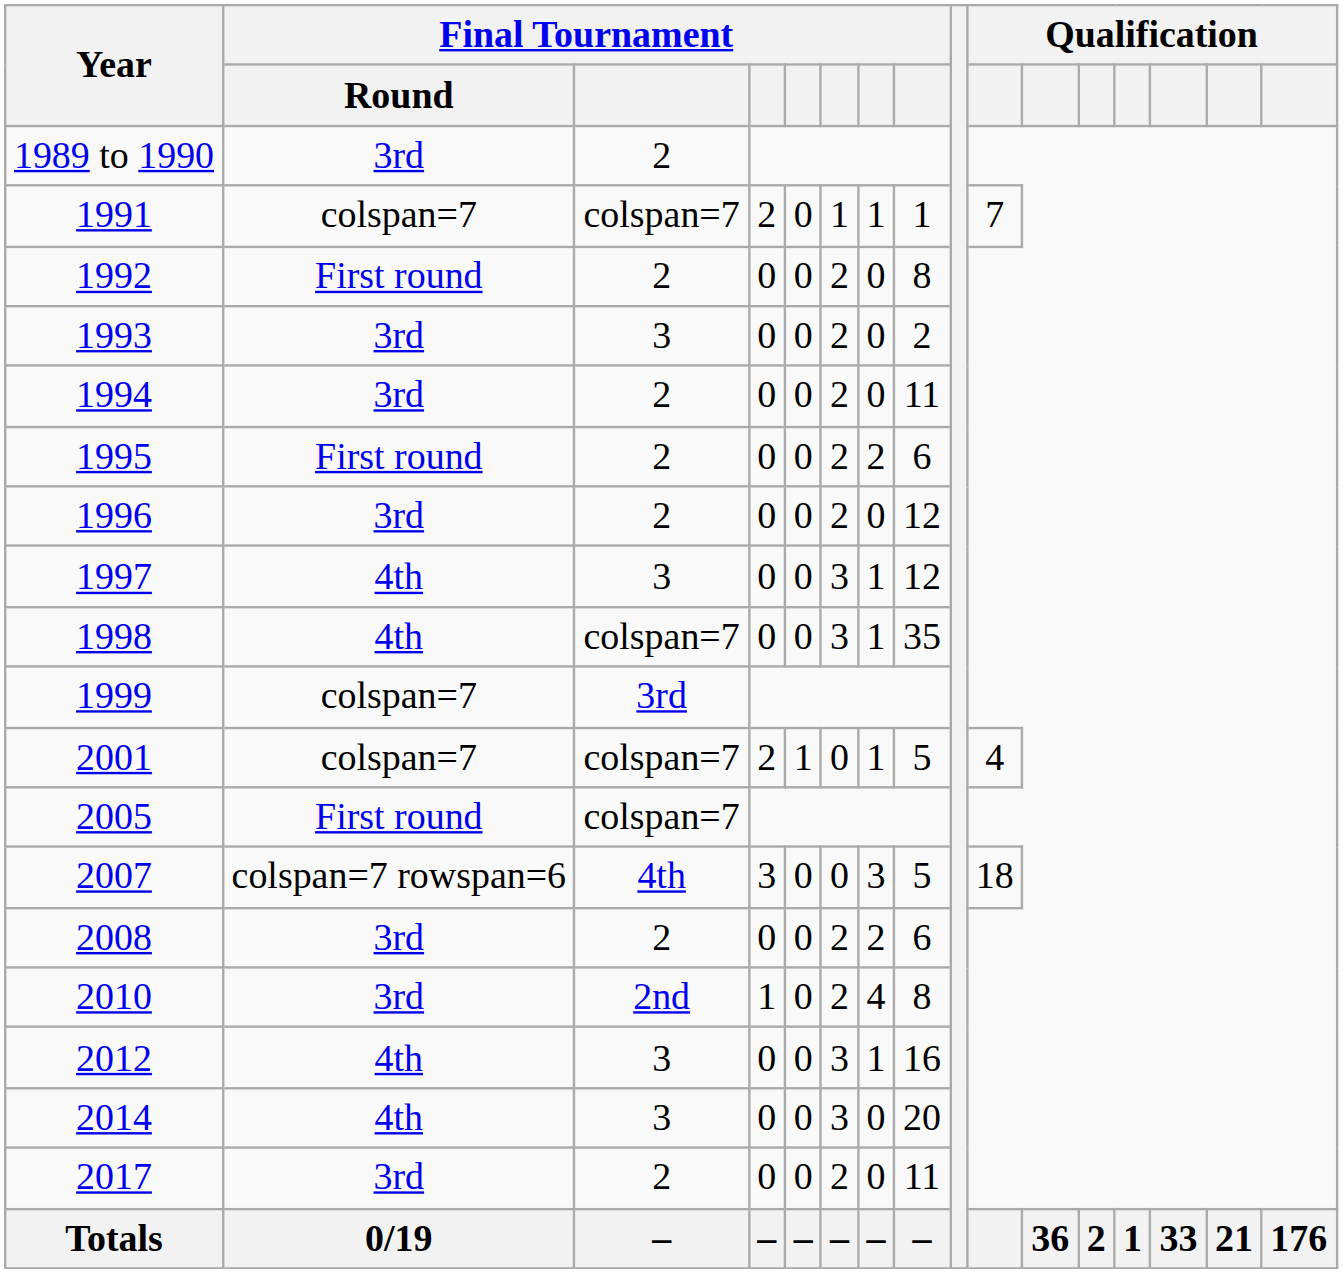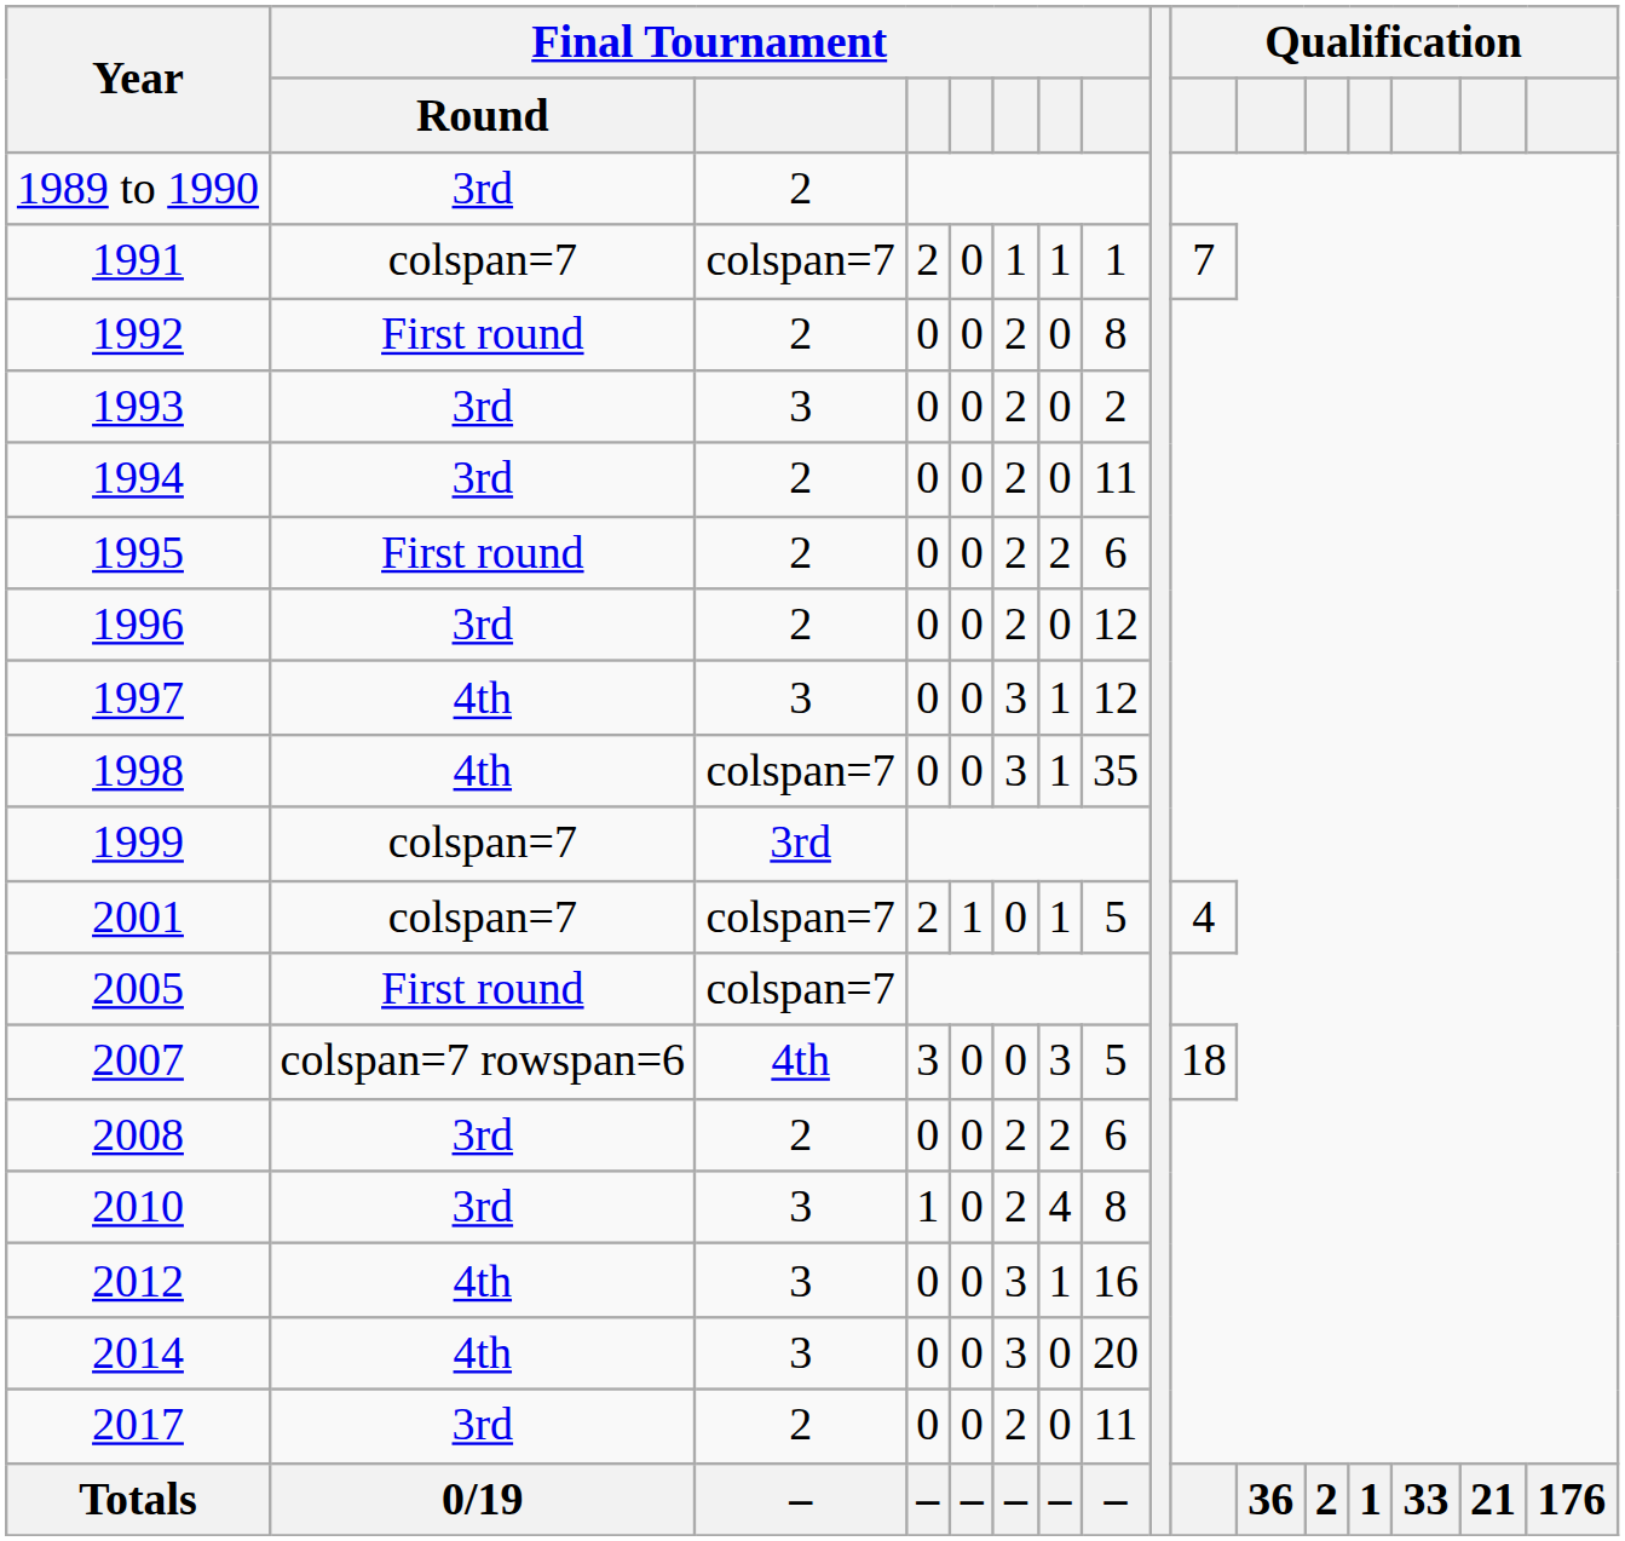 <table class="wikitable" style="text-align: center;font-size:100%;">
 <tr>
 <th rowspan=2>Year</th>
 <th colspan=7><a href='#'>Final Tournament</a></th>
 <th rowspan=21></th>
 <th colspan=7>Qualification</th>
 </tr>
 <tr>
 <th>Round</th>
 <th></th>
 <th></th>
 <th></th>
 <th></th>
 <th></th>
 <th></th>
 <th></th>
 <th></th>
 <th></th>
 <th></th>
 <th></th>
 <th></th>
 <th></th>
 </tr>
 <tr>
 <td><a href='#'>1989</a> to <a href='#'>1990</a></td>
 <td><a href='#'>3rd</a></td>
 <td>2</td>
 </tr>
 <tr>
 <td> <a href='#'>1991</a></td>
 <td>colspan=7 </td>
 <td>colspan=7 </td>
 <td>2</td>
 <td>0</td>
 <td>1</td>
 <td>1</td>
 <td>1</td>
 <td>7</td>
 </tr>
 <tr>
 <td> <a href='#'>1992</a></td>
 <td><a href='#'>First round</a></td>
 <td>2</td>
 <td>0</td>
 <td>0</td>
 <td>2</td>
 <td>0</td>
 <td>8</td>
 </tr>
 <tr>
 <td> <a href='#'>1993</a></td>
 <td><a href='#'>3rd</a></td>
 <td>3</td>
 <td>0</td>
 <td>0</td>
 <td>2</td>
 <td>0</td>
 <td>2</td>
 </tr>
 <tr>
 <td> <a href='#'>1994</a></td>
 <td><a href='#'>3rd</a></td>
 <td>2</td>
 <td>0</td>
 <td>0</td>
 <td>2</td>
 <td>0</td>
 <td>11</td>
 </tr>
 <tr>
 <td>  <a href='#'>1995</a></td>
 <td><a href='#'>First round</a></td>
 <td>2</td>
 <td>0</td>
 <td>0</td>
 <td>2</td>
 <td>2</td>
 <td>6</td>
 </tr>
 <tr>
 <td> <a href='#'>1996</a></td>
 <td><a href='#'>3rd</a></td>
 <td>2</td>
 <td>0</td>
 <td>0</td>
 <td>2</td>
 <td>0</td>
 <td>12</td>
 </tr>
 <tr>
 <td>  <a href='#'>1997</a></td>
 <td><a href='#'>4th</a></td>
 <td>3</td>
 <td>0</td>
 <td>0</td>
 <td>3</td>
 <td>1</td>
 <td>12</td>
 </tr>
 <tr>
 <td> <a href='#'>1998</a></td>
 <td><a href='#'>4th</a></td>
 <td>colspan=7 </td>
 <td>0</td>
 <td>0</td>
 <td>3</td>
 <td>1</td>
 <td>35</td>
 </tr>
 <tr>
 <td> <a href='#'>1999</a></td>
 <td>colspan=7 </td>
 <td><a href='#'>3rd</a></td>
 </tr>
 <tr>
 <td> <a href='#'>2001</a></td>
 <td>colspan=7 </td>
 <td>colspan=7 </td>
 <td>2</td>
 <td>1</td>
 <td>0</td>
 <td>1</td>
 <td>5</td>
 <td>4</td>
 </tr>
 <tr>
 <td> <a href='#'>2005</a></td>
 <td><a href='#'>First round</a></td>
 <td>colspan=7 </td>
 </tr>
 <tr>
 <td> <a href='#'>2007</a></td>
 <td>colspan=7 rowspan=6 </td>
 <td><a href='#'>4th</a></td>
 <td>3</td>
 <td>0</td>
 <td>0</td>
 <td>3</td>
 <td>5</td>
 <td>18</td>
 </tr>
 <tr>
 <td> <a href='#'>2008</a></td>
 <td><a href='#'>3rd</a></td>
 <td>2</td>
 <td>0</td>
 <td>0</td>
 <td>2</td>
 <td>2</td>
 <td>6</td>
 </tr>
 <tr>
 <td> <a href='#'>2010</a></td>
 <td><a href='#'>3rd</a></td>
-<td><a href='#'>2nd</a></td>
+<td>3</td>
 <td>1</td>
 <td>0</td>
 <td>2</td>
 <td>4</td>
 <td>8</td>
 </tr>
 <tr>
 <td> <a href='#'>2012</a></td>
 <td><a href='#'>4th</a></td>
 <td>3</td>
 <td>0</td>
 <td>0</td>
 <td>3</td>
 <td>1</td>
 <td>16</td>
 </tr>
 <tr>
 <td> <a href='#'>2014</a></td>
 <td><a href='#'>4th</a></td>
 <td>3</td>
 <td>0</td>
 <td>0</td>
 <td>3</td>
 <td>0</td>
 <td>20</td>
 </tr>
 <tr>
 <td> <a href='#'>2017</a></td>
 <td><a href='#'>3rd</a></td>
 <td>2</td>
 <td>0</td>
 <td>0</td>
 <td>2</td>
 <td>0</td>
 <td>11</td>
 </tr>
 <tr>
 <th>Totals</th>
 <th>0/19</th>
 <th>–</th>
 <th>–</th>
 <th>–</th>
 <th>–</th>
 <th>–</th>
 <th>–</th>
 <th></th>
 <th>36</th>
 <th>2</th>
 <th>1</th>
 <th>33</th>
 <th>21</th>
 <th>176</th>
 </tr>
 </table>
